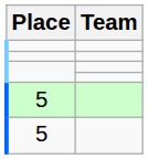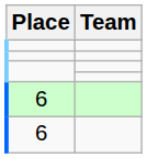 <table class="wikitable" style="text-align:center; padding-bottom:0;">
 <tr>
 <th>Place</th>
 <th style="text-align:left;">Team</th>
 </tr>
 <tr>
 <td style="border-left:3px solid #7cf;"></td>
 <td align=left></td>
 </tr>
 <tr>
 <td style="border-left:3px solid #7cf;"></td>
 <td align=left></td>
 </tr>
 <tr>
 <td rowspan=2 style="border-left:3px solid #7cf;"></td>
 <td align=left></td>
 </tr>
 <tr>
 <td align=left></td>
 </tr>
 <tr bgcolor=#cfc>
-<td style="border-left:3px solid #06f;">5</td>
+<td style="border-left:3px solid #06f;">6</td>
 <td align=left></td>
 </tr>
 <tr>
-<td style="border-left:3px solid #06f;">5</td>
+<td style="border-left:3px solid #06f;">6</td>
 <td align=left></td>
 </tr>
 </table>
